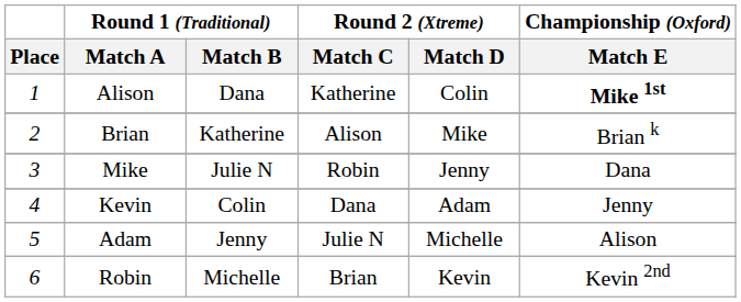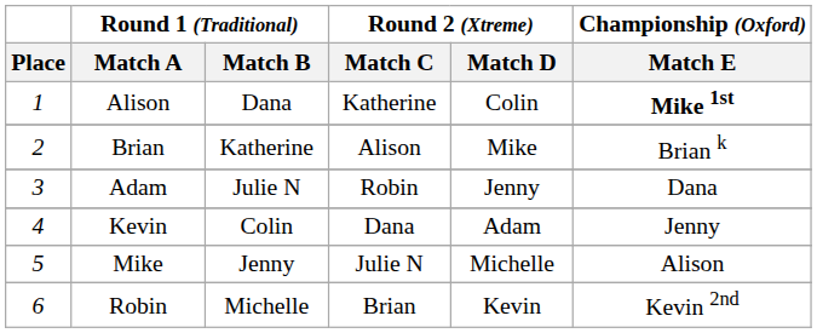 <table class="wikitable" style="text-align:center;">
 <tr>
 <th colspan="1" style="background: #ffffff;"></th>
 <th colspan="2" style="background: #ffffff;" style="border: 1px solid blue;">Round 1 <small><em>(Traditional)</em></small></th>
 <th colspan="2" style="background: #ffffff;" style="border: 1px solid red;">Round 2 <small><em>(Xtreme)</em></small></th>
 <th colspan="1" style="background: #ffffff;" style="border: 1px solid gold;">Championship <small><em>(Oxford)</em></small></th>
 </tr>
 <tr>
 <th style="width:10px;">Place</th>
 <th style="width:83px;">Match A</th>
 <th style="width:75px;">Match B</th>
 <th style="width:75px;">Match C</th>
 <th style="width:75px;">Match D</th>
 <th colspan="2">Match E</th>
 </tr>
 <tr style="background:#ffffff;">
 <td align=center><em>1</em></td>
 <td>Alison</td>
 <td>Dana</td>
 <td>Katherine</td>
 <td>Colin</td>
 <td><strong>Mike <sup>1st</sup></strong></td>
 </tr>
 <tr>
 </tr>
 <tr style="background:#ffffff;">
 <td align=center><em>2</em></td>
 <td>Brian</td>
 <td>Katherine</td>
 <td>Alison</td>
 <td>Mike</td>
 <td>Brian <sup>k</sup></td>
 </tr>
 <tr>
 </tr>
 <tr style="background:#ffffff;">
 <td align=center><em>3</em></td>
-<td>Mike</td>
+<td>Adam</td>
 <td>Julie N</td>
 <td>Robin</td>
 <td>Jenny</td>
 <td>Dana</td>
 </tr>
 <tr>
 </tr>
 <tr style="background:#ffffff;">
 <td align=center><em>4</em></td>
 <td>Kevin</td>
 <td>Colin</td>
 <td>Dana</td>
 <td>Adam</td>
 <td>Jenny</td>
 </tr>
 <tr>
 </tr>
 <tr style="background:#ffffff;">
 <td align=center><em>5</em></td>
-<td>Adam</td>
+<td>Mike</td>
 <td>Jenny</td>
 <td>Julie N</td>
 <td>Michelle</td>
 <td>Alison</td>
 </tr>
 <tr>
 </tr>
 <tr style="background:#ffffff;">
 <td align=center><em>6</em></td>
 <td>Robin</td>
 <td>Michelle</td>
 <td>Brian</td>
 <td>Kevin</td>
 <td>Kevin <sup>2nd</sup></td>
 </tr>
 </table>
